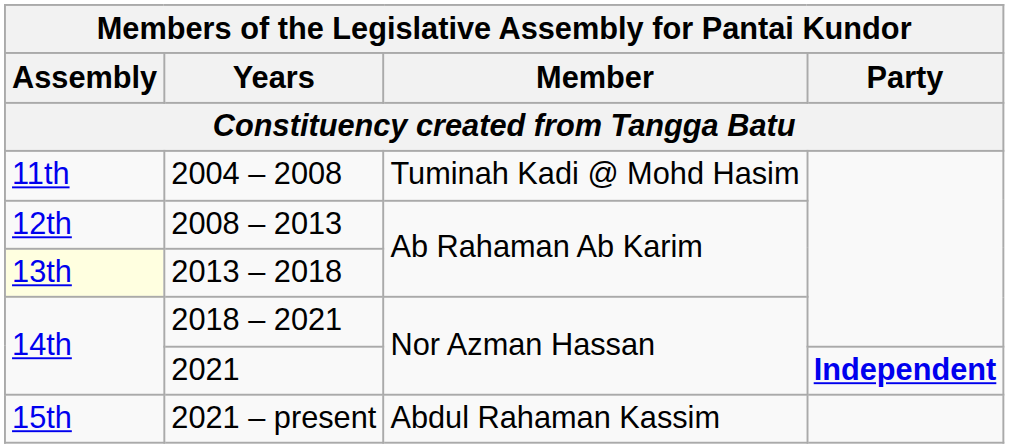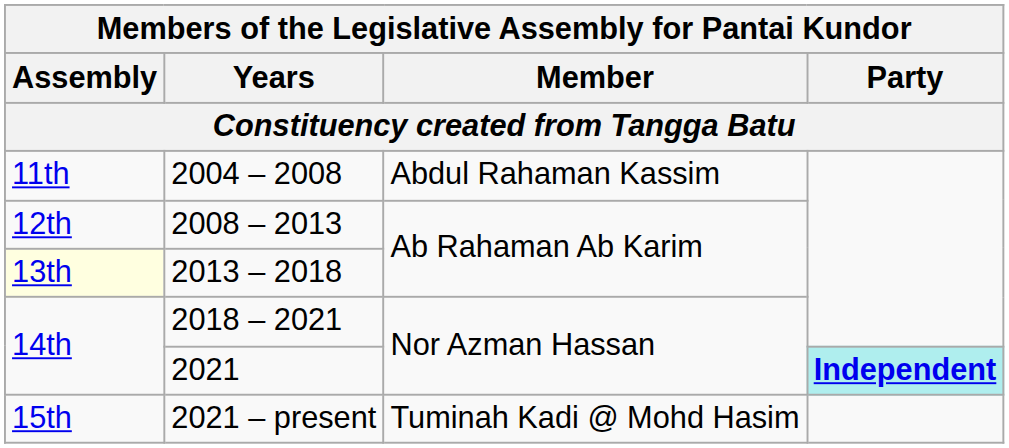 <table class=wikitable>
 <tr>
 <th colspan=4>Members of the Legislative Assembly for Pantai Kundor</th>
 </tr>
 <tr>
 <th>Assembly</th>
 <th>Years</th>
 <th>Member</th>
 <th>Party</th>
 </tr>
 <tr>
 <th colspan=4 align=center><em>Constituency created from Tangga Batu</em></th>
 </tr>
 <tr>
 <td><a href='#'>11th</a></td>
 <td>2004 – 2008</td>
-<td>Tuminah Kadi @ Mohd Hasim</td>
+<td>Abdul Rahaman Kassim</td>
 <td rowspan="4"></td>
 </tr>
 <tr>
 <td><a href='#'>12th</a></td>
 <td>2008 – 2013</td>
 <td rowspan="2">Ab Rahaman Ab Karim</td>
 </tr>
 <tr>
 <td style="background: lightyellow;"><a href='#'>13th</a></td>
 <td>2013 – 2018</td>
 </tr>
 <tr>
 <td rowspan="2"><a href='#'>14th</a></td>
 <td>2018 – 2021</td>
 <td rowspan="2">Nor Azman Hassan</td>
 </tr>
 <tr>
 <td>2021</td>
-<td><strong><a href='#'>Independent</a></strong></td>
+<td style="background: paleturquoise;"><strong><a href='#'>Independent</a></strong></td>
 </tr>
 <tr>
 <td><a href='#'>15th</a></td>
 <td>2021 – present</td>
-<td>Abdul Rahaman Kassim</td>
+<td>Tuminah Kadi @ Mohd Hasim</td>
 <td></td>
 </tr>
 </table>
